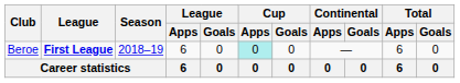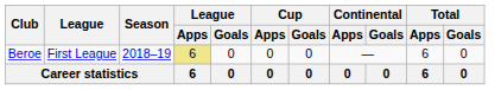 <table class="wikitable" style="font-size:90%; text-align: center">
 <tr>
 <th rowspan=2>Club</th>
 <th rowspan=2>League</th>
 <th rowspan=2>Season</th>
 <th colspan=2>League</th>
 <th colspan=2>Cup</th>
 <th colspan=2>Continental</th>
 <th colspan=2>Total</th>
 </tr>
 <tr>
 <th>Apps</th>
 <th>Goals</th>
 <th>Apps</th>
 <th>Goals</th>
 <th>Apps</th>
 <th>Goals</th>
 <th>Apps</th>
 <th>Goals</th>
 </tr>
 <tr>
 <td rowspan=1 valign="center"><a href='#'>Beroe</a></td>
-<td rowspan="1"><strong><a href='#'>First League</a></strong></td>
+<td rowspan="1"><a href='#'>First League</a></td>
 <td><a href='#'>2018–19</a></td>
-<td>6</td>
+<td style="background: khaki;">6</td>
 <td>0</td>
-<td style="background: paleturquoise;">0</td>
+<td>0</td>
 <td>0</td>
 <td colspan="2">—</td>
 <td>6</td>
 <td>0</td>
 </tr>
 <tr>
 <th colspan=3>Career statistics</th>
 <th>6</th>
 <th>0</th>
 <th>0</th>
 <th>0</th>
 <th>0</th>
 <th>0</th>
 <th>6</th>
 <th>0</th>
 </tr>
 </table>
